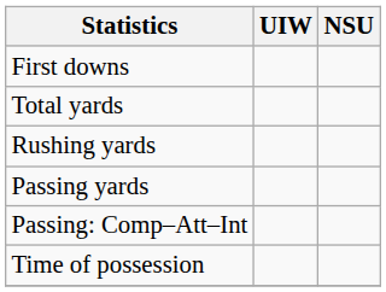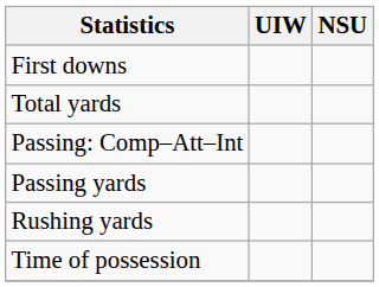 <table class="wikitable" style="float: left;">
 <tr>
 <th>Statistics</th>
 <th>UIW</th>
 <th>NSU</th>
 </tr>
 <tr>
 <td>First downs</td>
 <td></td>
 <td></td>
 </tr>
 <tr>
 <td>Total yards</td>
 <td></td>
 <td></td>
 </tr>
 <tr>
-<td>Rushing yards</td>
+<td>Passing: Comp–Att–Int</td>
 <td></td>
 <td></td>
 </tr>
 <tr>
 <td>Passing yards</td>
 <td></td>
 <td></td>
 </tr>
 <tr>
-<td>Passing: Comp–Att–Int</td>
+<td>Rushing yards</td>
 <td></td>
 <td></td>
 </tr>
 <tr>
 <td>Time of possession</td>
 <td></td>
 <td></td>
 </tr>
 <tr>
 </tr>
 </table>
